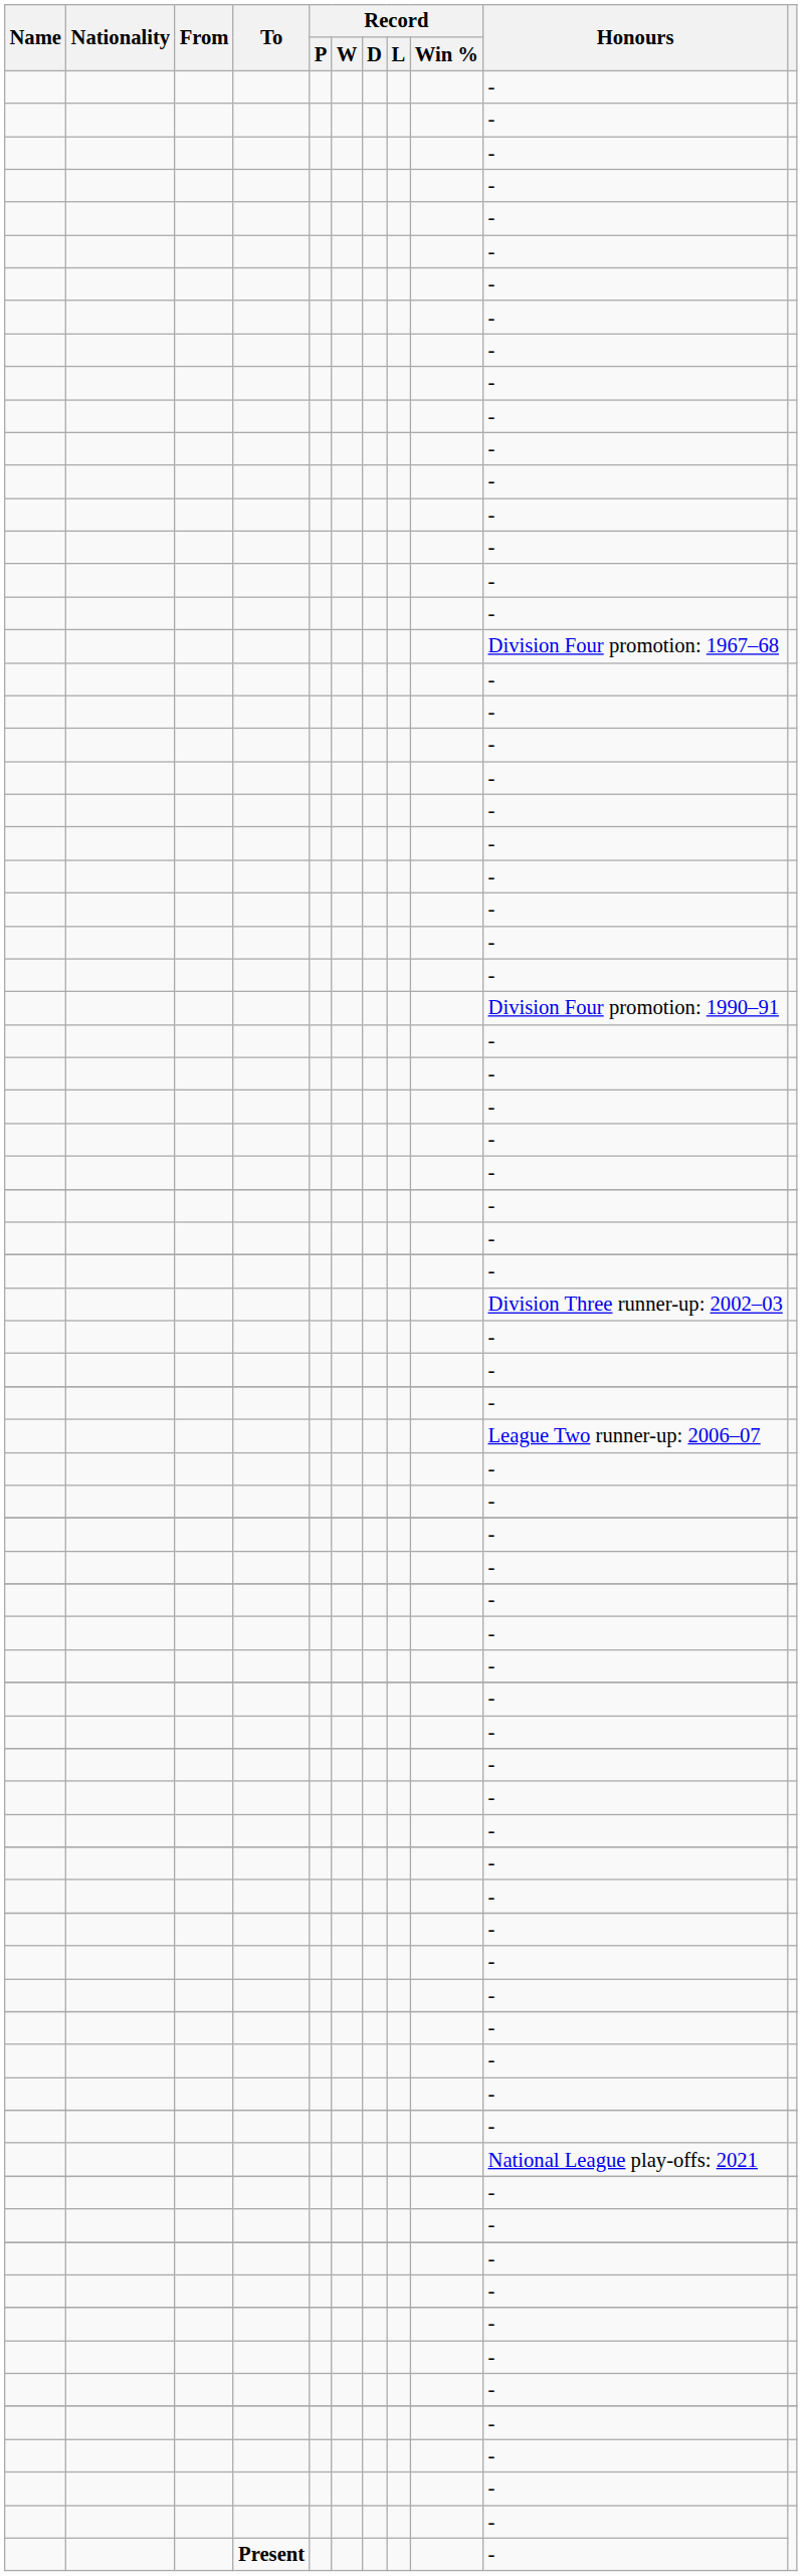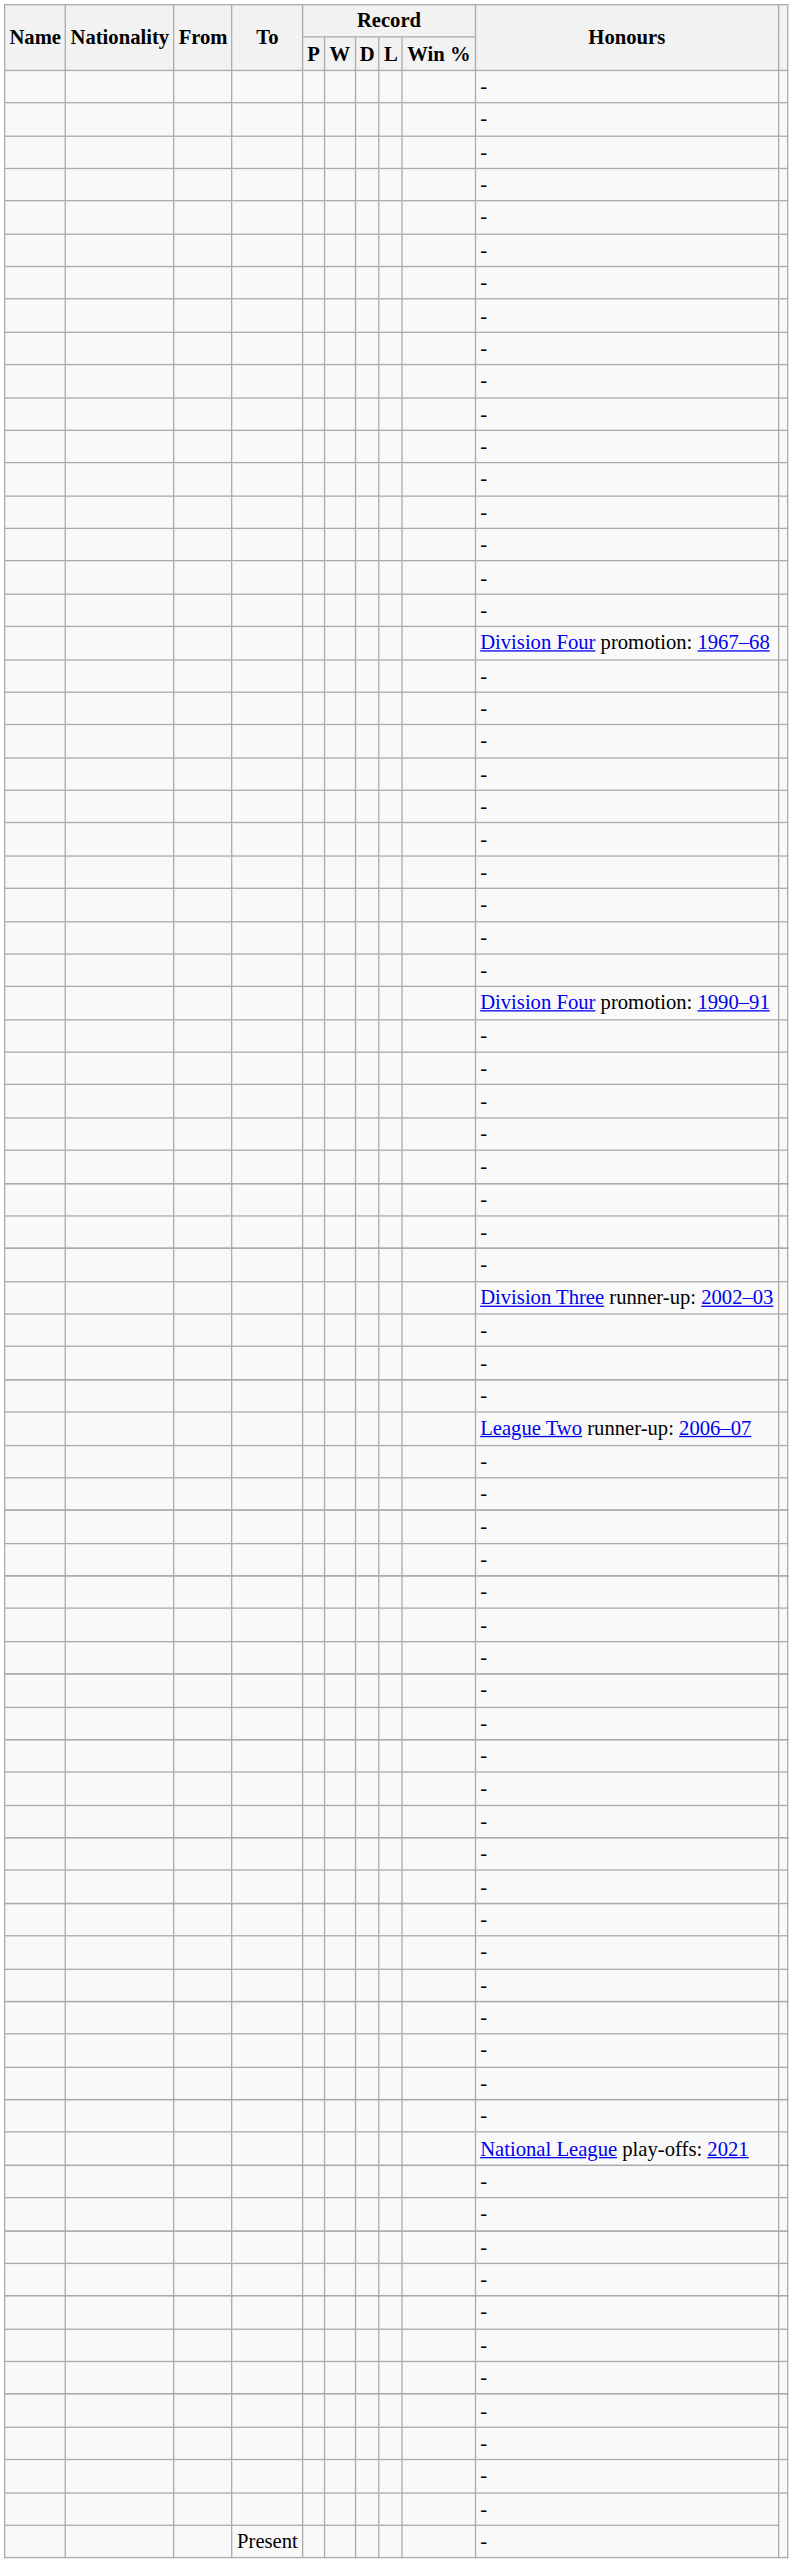 <table class="wikitable sortable plainrowheaders" style="text-align: center;">
 <tr>
 <th scope="col" rowspan="2">Name</th>
 <th scope="col" rowspan="2">Nationality</th>
 <th scope="col" rowspan="2">From</th>
 <th scope="col" rowspan="2">To</th>
 <th scope="col" colspan="5">Record</th>
 <th scope="col" rowspan="2" class="unsortable">Honours</th>
 <th scope="col" rowspan="2" class="unsortable"></th>
 </tr>
 <tr class="unsortable">
 <th scope="col">P</th>
 <th scope="col">W</th>
 <th scope="col">D</th>
 <th scope="col">L</th>
 <th scope="col">Win %</th>
 </tr>
 <tr>
 <td align=left></td>
 <td></td>
 <td align=left></td>
 <td align=left></td>
 <td align=center></td>
 <td align=center></td>
 <td align=center></td>
 <td align=center></td>
 <td align=center></td>
 <td align=left>-</td>
 <td></td>
 </tr>
 <tr>
 <td align=left></td>
 <td></td>
 <td align=left></td>
 <td align=left></td>
 <td align=center></td>
 <td align=center></td>
 <td align=center></td>
 <td align=center></td>
 <td align=center></td>
 <td align=left>-</td>
 <td></td>
 </tr>
 <tr>
 <td align=left></td>
 <td></td>
 <td align=left></td>
 <td align=left></td>
 <td align=center></td>
 <td align=center></td>
 <td align=center></td>
 <td align=center></td>
 <td align=center></td>
 <td align=left>-</td>
 <td></td>
 </tr>
 <tr>
 <td align=left></td>
 <td></td>
 <td align=left></td>
 <td align=left></td>
 <td align=center></td>
 <td align=center></td>
 <td align=center></td>
 <td align=center></td>
 <td align=center></td>
 <td align=left>-</td>
 <td></td>
 </tr>
 <tr>
 <td align=left></td>
 <td></td>
 <td align=left></td>
 <td align=left></td>
 <td align=center></td>
 <td align=center></td>
 <td align=center></td>
 <td align=center></td>
 <td align=center></td>
 <td align=left>-</td>
 <td></td>
 </tr>
 <tr>
 <td align=left></td>
 <td></td>
 <td align=left></td>
 <td align=left></td>
 <td align=center></td>
 <td align=center></td>
 <td align=center></td>
 <td align=center></td>
 <td align=center></td>
 <td align=left>-</td>
 <td></td>
 </tr>
 <tr>
 <td align=left></td>
 <td></td>
 <td align=left></td>
 <td align=left></td>
 <td align=center></td>
 <td align=center></td>
 <td align=center></td>
 <td align=center></td>
 <td align=center></td>
 <td align=left>-</td>
 <td></td>
 </tr>
 <tr>
 <td align=left></td>
 <td></td>
 <td align=left></td>
 <td align=left></td>
 <td align=center></td>
 <td align=center></td>
 <td align=center></td>
 <td align=center></td>
 <td align=center></td>
 <td align=left>-</td>
 <td></td>
 </tr>
 <tr>
 <td align=left></td>
 <td></td>
 <td align=left></td>
 <td align=left></td>
 <td align=center></td>
 <td align=center></td>
 <td align=center></td>
 <td align=center></td>
 <td align=center></td>
 <td align=left>-</td>
 <td></td>
 </tr>
 <tr>
 <td align=left></td>
 <td></td>
 <td align=left></td>
 <td align=left></td>
 <td align=center></td>
 <td align=center></td>
 <td align=center></td>
 <td align=center></td>
 <td align=center></td>
 <td align=left>-</td>
 <td></td>
 </tr>
 <tr>
 <td align=left></td>
 <td></td>
 <td align=left></td>
 <td align=left></td>
 <td align=center></td>
 <td align=center></td>
 <td align=center></td>
 <td align=center></td>
 <td align=center></td>
 <td align=left>-</td>
 <td></td>
 </tr>
 <tr>
 <td align=left></td>
 <td></td>
 <td align=left></td>
 <td align=left></td>
 <td align=center></td>
 <td align=center></td>
 <td align=center></td>
 <td align=center></td>
 <td align=center></td>
 <td align=left>-</td>
 <td></td>
 </tr>
 <tr>
 <td align=left></td>
 <td></td>
 <td align=left></td>
 <td align=left></td>
 <td align=center></td>
 <td align=center></td>
 <td align=center></td>
 <td align=center></td>
 <td align=center></td>
 <td align=left>-</td>
 <td></td>
 </tr>
 <tr>
 <td align=left></td>
 <td></td>
 <td align=left></td>
 <td align=left></td>
 <td align=center></td>
 <td align=center></td>
 <td align=center></td>
 <td align=center></td>
 <td align=center></td>
 <td align=left>-</td>
 <td></td>
 </tr>
 <tr>
 <td align=left></td>
 <td></td>
 <td align=left></td>
 <td align=left></td>
 <td align=center></td>
 <td align=center></td>
 <td align=center></td>
 <td align=center></td>
 <td align=center></td>
 <td align=left>-</td>
 <td></td>
 </tr>
 <tr>
 <td align=left></td>
 <td></td>
 <td align=left></td>
 <td align=left></td>
 <td align=center></td>
 <td align=center></td>
 <td align=center></td>
 <td align=center></td>
 <td align=center></td>
 <td align=left>-</td>
 <td></td>
 </tr>
 <tr>
 <td align=left></td>
 <td></td>
 <td align=left></td>
 <td align=left></td>
 <td align=center></td>
 <td align=center></td>
 <td align=center></td>
 <td align=center></td>
 <td align=center></td>
 <td align=left>-</td>
 <td></td>
 </tr>
 <tr>
 <td align=left></td>
 <td></td>
 <td align=left></td>
 <td align=left></td>
 <td align=center></td>
 <td align=center></td>
 <td align=center></td>
 <td align=center></td>
 <td align=center></td>
 <td align=left><a href='#'>Division Four</a> promotion: <a href='#'>1967–68</a></td>
 <td></td>
 </tr>
 <tr>
 <td align=left></td>
 <td></td>
 <td align=left></td>
 <td align=left></td>
 <td align=center></td>
 <td align=center></td>
 <td align=center></td>
 <td align=center></td>
 <td align=center></td>
 <td align=left>-</td>
 <td></td>
 </tr>
 <tr>
 <td align=left></td>
 <td></td>
 <td align=left></td>
 <td align=left></td>
 <td align=center></td>
 <td align=center></td>
 <td align=center></td>
 <td align=center></td>
 <td align=center></td>
 <td align=left>-</td>
 <td></td>
 </tr>
 <tr>
 <td align=left></td>
 <td></td>
 <td align=left></td>
 <td align=left></td>
 <td align=center></td>
 <td align=center></td>
 <td align=center></td>
 <td align=center></td>
 <td align=center></td>
 <td align=left>-</td>
 <td></td>
 </tr>
 <tr>
 <td align=left></td>
 <td></td>
 <td align=left></td>
 <td align=left></td>
 <td align=center></td>
 <td align=center></td>
 <td align=center></td>
 <td align=center></td>
 <td align=center></td>
 <td align=left>-</td>
 <td></td>
 </tr>
 <tr>
 <td align=left></td>
 <td></td>
 <td align=left></td>
 <td align=left></td>
 <td align=center></td>
 <td align=center></td>
 <td align=center></td>
 <td align=center></td>
 <td align=center></td>
 <td align=left>-</td>
 <td></td>
 </tr>
 <tr>
 <td align=left></td>
 <td></td>
 <td align=left></td>
 <td align=left></td>
 <td align=center></td>
 <td align=center></td>
 <td align=center></td>
 <td align=center></td>
 <td align=center></td>
 <td align=left>-</td>
 <td></td>
 </tr>
 <tr>
 <td align=left></td>
 <td></td>
 <td align=left></td>
 <td align=left></td>
 <td align=center></td>
 <td align=center></td>
 <td align=center></td>
 <td align=center></td>
 <td align=center></td>
 <td align=left>-</td>
 <td></td>
 </tr>
 <tr>
 <td align=left></td>
 <td></td>
 <td align=left></td>
 <td align=left></td>
 <td align=center></td>
 <td align=center></td>
 <td align=center></td>
 <td align=center></td>
 <td align=center></td>
 <td align=left>-</td>
 <td></td>
 </tr>
 <tr>
 <td align=left></td>
 <td></td>
 <td align=left></td>
 <td align=left></td>
 <td align=center></td>
 <td align=center></td>
 <td align=center></td>
 <td align=center></td>
 <td align=center></td>
 <td align=left>-</td>
 <td></td>
 </tr>
 <tr>
 <td align=left></td>
 <td></td>
 <td align=left></td>
 <td align=left></td>
 <td align=center></td>
 <td align=center></td>
 <td align=center></td>
 <td align=center></td>
 <td align=center></td>
 <td align=left>-</td>
 <td></td>
 </tr>
 <tr>
 <td align=left></td>
 <td></td>
 <td align=left></td>
 <td align=left></td>
 <td align=center></td>
 <td align=center></td>
 <td align=center></td>
 <td align=center></td>
 <td align=center></td>
 <td align=left><a href='#'>Division Four</a> promotion: <a href='#'>1990–91</a></td>
 <td></td>
 </tr>
 <tr>
 <td align=left></td>
 <td></td>
 <td align=left></td>
 <td align=left></td>
 <td align=center></td>
 <td align=center></td>
 <td align=center></td>
 <td align=center></td>
 <td align=center></td>
 <td align=left>-</td>
 <td></td>
 </tr>
 <tr>
 <td align=left></td>
 <td></td>
 <td align=left></td>
 <td align=left></td>
 <td align=center></td>
 <td align=center></td>
 <td align=center></td>
 <td align=center></td>
 <td align=center></td>
 <td align=left>-</td>
 <td></td>
 </tr>
 <tr>
 <td align=left></td>
 <td></td>
 <td align=left></td>
 <td align=left></td>
 <td align=center></td>
 <td align=center></td>
 <td align=center></td>
 <td align=center></td>
 <td align=center></td>
 <td align=left>-</td>
 <td></td>
 </tr>
 <tr>
 <td align=left></td>
 <td></td>
 <td align=left></td>
 <td align=left></td>
 <td align=center></td>
 <td align=center></td>
 <td align=center></td>
 <td align=center></td>
 <td align=center></td>
 <td align=left>-</td>
 <td></td>
 </tr>
 <tr>
 <td align=left></td>
 <td></td>
 <td align=left></td>
 <td align=left></td>
 <td align=center></td>
 <td align=center></td>
 <td align=center></td>
 <td align=center></td>
 <td align=center></td>
 <td align=left>-</td>
 <td></td>
 </tr>
 <tr>
 </tr>
 <tr style="font-style:italic">
 <td align=left><br> </td>
 <td></td>
 <td align=left></td>
 <td align=left></td>
 <td align=center></td>
 <td align=center></td>
 <td align=center></td>
 <td align=center></td>
 <td align=center></td>
 <td align=left>-</td>
 <td></td>
 </tr>
 <tr>
 <td align=left></td>
 <td></td>
 <td align=left></td>
 <td align=left></td>
 <td align=center></td>
 <td align=center></td>
 <td align=center></td>
 <td align=center></td>
 <td align=center></td>
 <td align=left>-</td>
 <td></td>
 </tr>
 <tr>
 </tr>
 <tr style="font-style:italic">
 <td align=left> </td>
 <td></td>
 <td align=left></td>
 <td align=left></td>
 <td align=center></td>
 <td align=center></td>
 <td align=center></td>
 <td align=center></td>
 <td align=center></td>
 <td align=left>-</td>
 <td></td>
 </tr>
 <tr>
 <td align=left></td>
 <td></td>
 <td align=left></td>
 <td align=left></td>
 <td align=center></td>
 <td align=center></td>
 <td align=center></td>
 <td align=center></td>
 <td align=center></td>
 <td align=left><a href='#'>Division Three</a> runner-up: <a href='#'>2002–03</a></td>
 <td></td>
 </tr>
 <tr>
 <td align=left></td>
 <td></td>
 <td align=left></td>
 <td align=left></td>
 <td align=center></td>
 <td align=center></td>
 <td align=center></td>
 <td align=center></td>
 <td align=center></td>
 <td align=left>-</td>
 <td></td>
 </tr>
 <tr>
 <td align=left></td>
 <td></td>
 <td align=left></td>
 <td align=left></td>
 <td align=center></td>
 <td align=center></td>
 <td align=center></td>
 <td align=center></td>
 <td align=center></td>
 <td align=left>-</td>
 <td></td>
 </tr>
 <tr>
 </tr>
 <tr style="font-style:italic">
 <td align=left> </td>
 <td></td>
 <td align=left></td>
 <td align=left></td>
 <td align=center></td>
 <td align=center></td>
 <td align=center></td>
 <td align=center></td>
 <td align=center></td>
 <td align=left>-</td>
 <td></td>
 </tr>
 <tr>
 <td align=left></td>
 <td></td>
 <td align=left></td>
 <td align=left></td>
 <td align=center></td>
 <td align=center></td>
 <td align=center></td>
 <td align=center></td>
 <td align=center></td>
 <td align=left><a href='#'>League Two</a> runner-up: <a href='#'>2006–07</a></td>
 <td></td>
 </tr>
 <tr>
 <td align=left></td>
 <td></td>
 <td align=left></td>
 <td align=left></td>
 <td align=center></td>
 <td align=center></td>
 <td align=center></td>
 <td align=center></td>
 <td align=center></td>
 <td align=left>-</td>
 <td></td>
 </tr>
 <tr>
 <td align=left></td>
 <td></td>
 <td align=left></td>
 <td align=left></td>
 <td align=center></td>
 <td align=center></td>
 <td align=center></td>
 <td align=center></td>
 <td align=center></td>
 <td align=left>-</td>
 <td></td>
 </tr>
 <tr>
 </tr>
 <tr style="font-style:italic">
 <td align=left> </td>
 <td></td>
 <td align=left></td>
 <td align=left></td>
 <td align=center></td>
 <td align=center></td>
 <td align=center></td>
 <td align=center></td>
 <td align=center></td>
 <td align=left>-</td>
 <td></td>
 </tr>
 <tr>
 <td align=left></td>
 <td></td>
 <td align=left></td>
 <td align=left></td>
 <td align=center></td>
 <td align=center></td>
 <td align=center></td>
 <td align=center></td>
 <td align=center></td>
 <td align=left>-</td>
 <td></td>
 </tr>
 <tr>
 </tr>
 <tr style="font-style:italic">
 <td align=left> </td>
 <td></td>
 <td align=left></td>
 <td align=left></td>
 <td align=center></td>
 <td align=center></td>
 <td align=center></td>
 <td align=center></td>
 <td align=center></td>
 <td align=left>-</td>
 <td></td>
 </tr>
 <tr>
 <td align=left></td>
 <td></td>
 <td align=left></td>
 <td align=left></td>
 <td align=center></td>
 <td align=center></td>
 <td align=center></td>
 <td align=center></td>
 <td align=center></td>
 <td align=left>-</td>
 <td></td>
 </tr>
 <tr>
 <td align=left></td>
 <td></td>
 <td align=left></td>
 <td align=left></td>
 <td align=center></td>
 <td align=center></td>
 <td align=center></td>
 <td align=center></td>
 <td align=center></td>
 <td align=left>-</td>
 <td></td>
 </tr>
 <tr>
 </tr>
 <tr style="font-style:italic">
 <td align=left> </td>
 <td></td>
 <td align=left></td>
 <td align=left></td>
 <td align=center></td>
 <td align=center></td>
 <td align=center></td>
 <td align=center></td>
 <td align=center></td>
 <td align=left>-</td>
 <td></td>
 </tr>
 <tr>
 <td align=left></td>
 <td></td>
 <td align=left></td>
 <td align=left></td>
 <td align=center></td>
 <td align=center></td>
 <td align=center></td>
 <td align=center></td>
 <td align=center></td>
 <td align=left>-</td>
 <td></td>
 </tr>
 <tr>
 </tr>
 <tr style="font-style:italic">
 <td align=left> </td>
 <td></td>
 <td align=left></td>
 <td align=left></td>
 <td align=center></td>
 <td align=center></td>
 <td align=center></td>
 <td align=center></td>
 <td align=center></td>
 <td align=left>-</td>
 <td></td>
 </tr>
 <tr>
 <td align=left></td>
 <td></td>
 <td align=left></td>
 <td align=left></td>
 <td align=center></td>
 <td align=center></td>
 <td align=center></td>
 <td align=center></td>
 <td align=center></td>
 <td align=left>-</td>
 <td></td>
 </tr>
 <tr>
 <td align=left></td>
 <td></td>
 <td align=left></td>
 <td align=left></td>
 <td align=center></td>
 <td align=center></td>
 <td align=center></td>
 <td align=center></td>
 <td align=center></td>
 <td align=left>-</td>
 <td></td>
 </tr>
 <tr>
 </tr>
 <tr style="font-style:italic">
 <td align=left> </td>
 <td></td>
 <td align=left></td>
 <td align=left></td>
 <td align=center></td>
 <td align=center></td>
 <td align=center></td>
 <td align=center></td>
 <td align=center></td>
 <td align=left>-</td>
 <td></td>
 </tr>
 <tr>
 <td align=left></td>
 <td></td>
 <td align=left></td>
 <td align=left></td>
 <td align=center></td>
 <td align=center></td>
 <td align=center></td>
 <td align=center></td>
 <td align=center></td>
 <td align=left>-</td>
 <td></td>
 </tr>
 <tr>
 </tr>
 <tr style="font-style:italic">
 <td align=left> </td>
 <td></td>
 <td align=left></td>
 <td align=left></td>
 <td align=center></td>
 <td align=center></td>
 <td align=center></td>
 <td align=center></td>
 <td align=center></td>
 <td align=left>-</td>
 </tr>
 <tr>
 <td align=left></td>
 <td></td>
 <td align=left></td>
 <td align=left></td>
 <td align=center></td>
 <td align=center></td>
 <td align=center></td>
 <td align=center></td>
 <td align=center></td>
 <td align=left>-</td>
 <td></td>
 </tr>
 <tr>
 <td align=left></td>
 <td></td>
 <td align=left></td>
 <td align=left></td>
 <td align=center></td>
 <td align=center></td>
 <td align=center></td>
 <td align=center></td>
 <td align=center></td>
 <td align=left>-</td>
 <td></td>
 </tr>
 <tr>
 </tr>
 <tr style="font-style:italic">
 <td align=left> </td>
 <td></td>
 <td align=left></td>
 <td align=left></td>
 <td align=center></td>
 <td align=center></td>
 <td align=center></td>
 <td align=center></td>
 <td align=center></td>
 <td align=left>-</td>
 <td></td>
 </tr>
 <tr>
 <td align=left></td>
 <td></td>
 <td align=left></td>
 <td align=left></td>
 <td align=center></td>
 <td align=center></td>
 <td align=center></td>
 <td align=center></td>
 <td align=center></td>
 <td align=left>-</td>
 <td></td>
 </tr>
 <tr>
 <td align=left></td>
 <td></td>
 <td align=left></td>
 <td align=left></td>
 <td align=center></td>
 <td align=center></td>
 <td align=center></td>
 <td align=center></td>
 <td align=center></td>
 <td align=left>-</td>
 <td></td>
 </tr>
 <tr>
 </tr>
 <tr style="font-style:italic">
 <td align=left> </td>
 <td></td>
 <td align=left></td>
 <td align=left></td>
 <td align=center></td>
 <td align=center></td>
 <td align=center></td>
 <td align=center></td>
 <td align=center></td>
 <td align=left>-</td>
 <td></td>
 </tr>
 <tr>
 <td align=left></td>
 <td></td>
 <td align=left></td>
 <td align=left></td>
 <td align=center></td>
 <td align=center></td>
 <td align=center></td>
 <td align=center></td>
 <td align=center></td>
 <td align=left><a href='#'>National League</a> play-offs: <a href='#'>2021</a></td>
 <td></td>
 </tr>
 <tr>
 </tr>
 <tr style="font-style:italic">
 <td align=left> </td>
 <td></td>
 <td align=left></td>
 <td align=left></td>
 <td align=center></td>
 <td align=center></td>
 <td align=center></td>
 <td align=center></td>
 <td align=center></td>
 <td align=left>-</td>
 <td></td>
 </tr>
 <tr>
 <td align=left></td>
 <td></td>
 <td align=left></td>
 <td align=left></td>
 <td align=center></td>
 <td align=center></td>
 <td align=center></td>
 <td align=center></td>
 <td align=center></td>
 <td align=left>-</td>
 <td></td>
 </tr>
 <tr>
 </tr>
 <tr style="font-style:italic">
 <td align=left><br> </td>
 <td></td>
 <td align=left></td>
 <td align=left></td>
 <td align=center></td>
 <td align=center></td>
 <td align=center></td>
 <td align=center></td>
 <td align=center></td>
 <td align=left>-</td>
 <td></td>
 </tr>
 <tr>
 <td align=left></td>
 <td></td>
 <td align=left></td>
 <td align=left></td>
 <td align=center></td>
 <td align=center></td>
 <td align=center></td>
 <td align=center></td>
 <td align=center></td>
 <td align=left>-</td>
 <td></td>
 </tr>
 <tr>
 </tr>
 <tr style="font-style:italic">
 <td align=left> </td>
 <td></td>
 <td align=left></td>
 <td align=left></td>
 <td align=center></td>
 <td align=center></td>
 <td align=center></td>
 <td align=center></td>
 <td align=center></td>
 <td align=left>-</td>
 <td></td>
 </tr>
 <tr>
 <td align=left></td>
 <td></td>
 <td align=left></td>
 <td align=left></td>
 <td align=center></td>
 <td align=center></td>
 <td align=center></td>
 <td align=center></td>
 <td align=center></td>
 <td align=left>-</td>
 <td></td>
 </tr>
 <tr>
 <td align=left></td>
 <td></td>
 <td align=left></td>
 <td align=left></td>
 <td align=center></td>
 <td align=center></td>
 <td align=center></td>
 <td align=center></td>
 <td align=center></td>
 <td align=left>-</td>
 <td></td>
 </tr>
 <tr>
 </tr>
 <tr style="font-style:italic">
 <td align=left> </td>
 <td></td>
 <td align=left></td>
 <td align=left></td>
 <td align=center></td>
 <td align=center></td>
 <td align=center></td>
 <td align=center></td>
 <td align=center></td>
 <td align=left>-</td>
 <td></td>
 </tr>
 <tr>
 <td align=left></td>
 <td></td>
 <td align=left></td>
 <td align=left></td>
 <td align=center></td>
 <td align=center></td>
 <td align=center></td>
 <td align=center></td>
 <td align=center></td>
 <td align=left>-</td>
 <td></td>
 </tr>
 <tr>
 <td align=left></td>
 <td></td>
 <td align=left></td>
 <td align=left></td>
 <td align=center></td>
 <td align=center></td>
 <td align=center></td>
 <td align=center></td>
 <td align=center></td>
 <td align=left>-</td>
 <td></td>
 </tr>
 <tr>
 <td align=left></td>
 <td></td>
 <td align=left></td>
 <td align=left></td>
 <td align=center></td>
 <td align=center></td>
 <td align=center></td>
 <td align=center></td>
 <td align=center></td>
 <td align=left>-</td>
 </tr>
 <tr>
 <td align=left></td>
 <td></td>
 <td align=left></td>
-<td align=left><strong>Present</strong></td>
+<td align=left>Present</td>
 <td align=center></td>
 <td align=center></td>
 <td align=center></td>
 <td align=center></td>
 <td align=center></td>
 <td align=left>-</td>
 </tr>
 </table>
